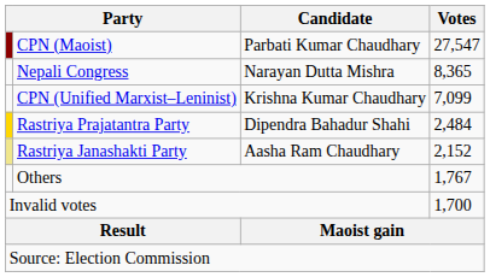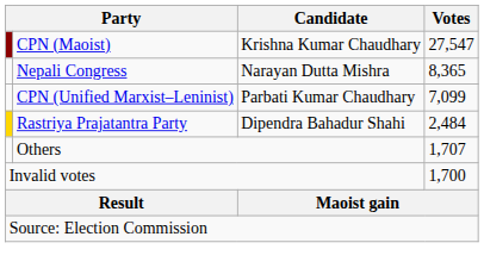 <table class="wikitable">
 <tr>
 <th colspan="2">Party</th>
 <th>Candidate</th>
 <th>Votes</th>
 </tr>
 <tr>
 <td style="background-color:darkred"></td>
 <td><a href='#'>CPN (Maoist)</a></td>
-<td>Parbati Kumar Chaudhary</td>
+<td>Krishna Kumar Chaudhary</td>
 <td>27,547</td>
 </tr>
 <tr>
 <td style="background-color:"></td>
 <td><a href='#'>Nepali Congress</a></td>
 <td>Narayan Dutta Mishra</td>
 <td>8,365</td>
 </tr>
 <tr>
 <td style="background-color:"></td>
 <td><a href='#'>CPN (Unified Marxist–Leninist)</a></td>
-<td>Krishna Kumar Chaudhary</td>
+<td>Parbati Kumar Chaudhary</td>
 <td>7,099</td>
 </tr>
 <tr>
 <td style="background-color:gold"></td>
 <td><a href='#'>Rastriya Prajatantra Party</a></td>
 <td>Dipendra Bahadur Shahi</td>
 <td>2,484</td>
 </tr>
 <tr>
-<td style="background-color:khaki"></td>
-<td><a href='#'>Rastriya Janashakti Party</a></td>
-<td>Aasha Ram Chaudhary</td>
-<td>2,152</td>
-</tr>
-<tr>
 <td></td>
 <td colspan="2">Others</td>
-<td>1,767</td>
+<td>1,707</td>
 </tr>
 <tr>
 <td colspan="3">Invalid votes</td>
 <td>1,700</td>
 </tr>
 <tr>
 <th colspan="2">Result</th>
 <th colspan="2">Maoist gain</th>
 </tr>
 <tr>
 <td colspan="4">Source: Election Commission</td>
 </tr>
 </table>
